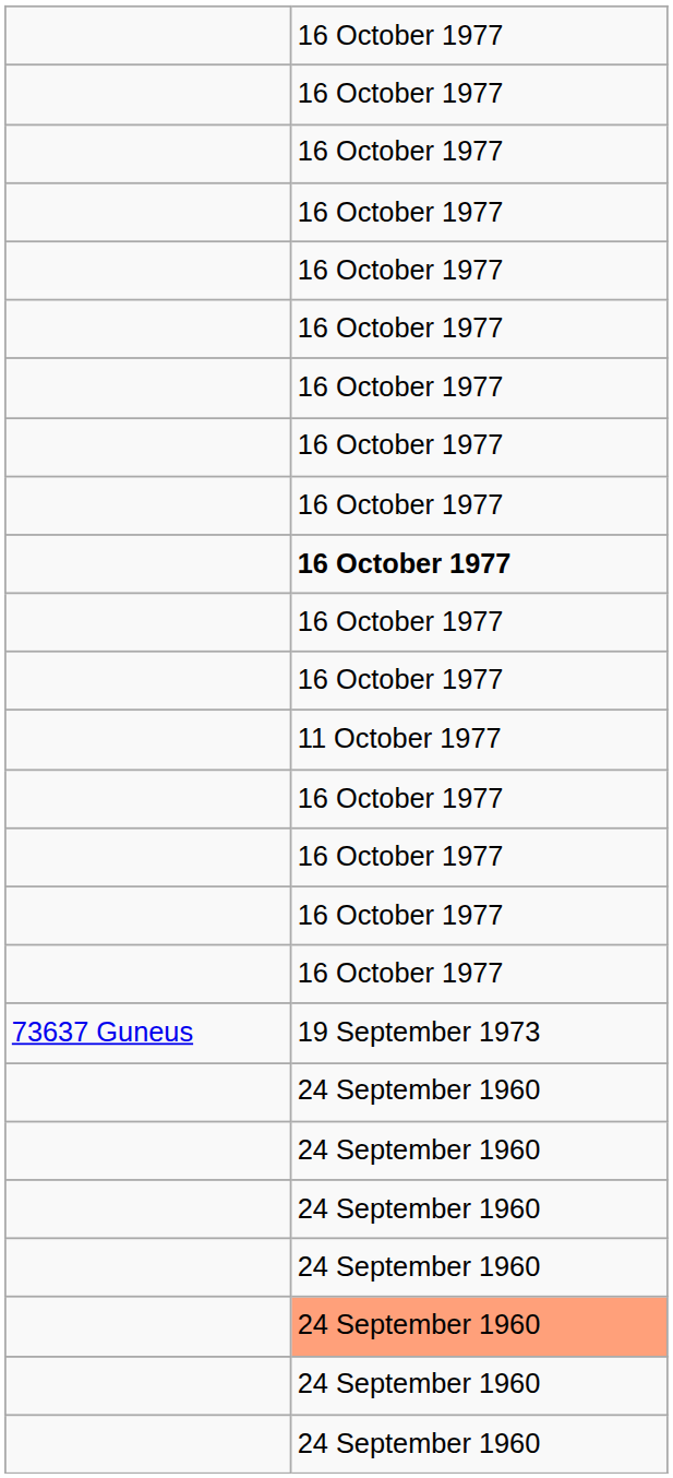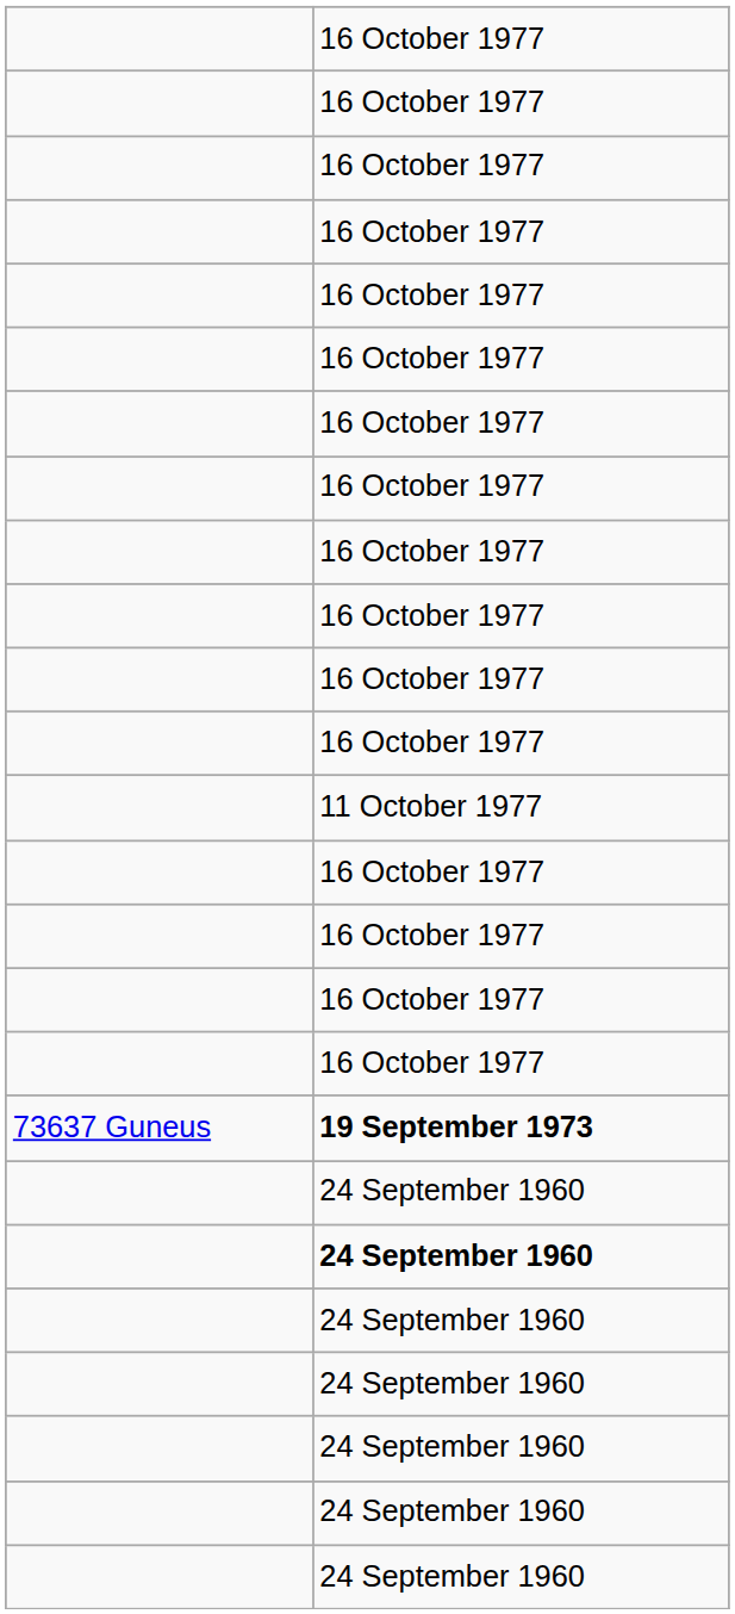 <table class="wikitable" style="font-size: 89%; float: left; width: 24em; margin-right: 1em; line-height: 1.65em">
 <tr>
 <td></td>
 <td>16 October 1977</td>
 </tr>
 <tr>
 <td></td>
 <td>16 October 1977</td>
 </tr>
 <tr>
 <td></td>
 <td>16 October 1977</td>
 </tr>
 <tr>
 <td></td>
 <td>16 October 1977</td>
 </tr>
 <tr>
 <td></td>
 <td>16 October 1977</td>
 </tr>
 <tr>
 <td></td>
 <td>16 October 1977</td>
 </tr>
 <tr>
 <td></td>
 <td>16 October 1977</td>
 </tr>
 <tr>
 <td></td>
 <td>16 October 1977</td>
 </tr>
 <tr>
 <td></td>
 <td>16 October 1977</td>
 </tr>
 <tr>
 <td></td>
-<td><strong>16 October 1977</strong></td>
+<td>16 October 1977</td>
 </tr>
 <tr>
 <td></td>
 <td>16 October 1977</td>
 </tr>
 <tr>
 <td></td>
 <td>16 October 1977</td>
 </tr>
 <tr>
 <td></td>
 <td>11 October 1977</td>
 </tr>
 <tr>
 <td></td>
 <td>16 October 1977</td>
 </tr>
 <tr>
 <td></td>
 <td>16 October 1977</td>
 </tr>
 <tr>
 <td></td>
 <td>16 October 1977</td>
 </tr>
 <tr>
 <td></td>
 <td>16 October 1977</td>
 </tr>
 <tr>
 <td><a href='#'>73637 Guneus</a></td>
-<td>19 September 1973</td>
+<td><strong>19 September 1973</strong></td>
+</tr>
+<tr>
+<td></td>
+<td>24 September 1960</td>
+</tr>
+<tr>
+<td></td>
+<td><strong>24 September 1960</strong></td>
 </tr>
 <tr>
 <td></td>
 <td>24 September 1960</td>
 </tr>
 <tr>
 <td></td>
 <td>24 September 1960</td>
 </tr>
 <tr>
 <td></td>
 <td>24 September 1960</td>
 </tr>
 <tr>
 <td></td>
 <td>24 September 1960</td>
 </tr>
 <tr>
 <td></td>
-<td style="background: lightsalmon;">24 September 1960</td>
-</tr>
-<tr>
-<td></td>
-<td>24 September 1960</td>
-</tr>
-<tr>
-<td></td>
 <td>24 September 1960</td>
 </tr>
 </table>
